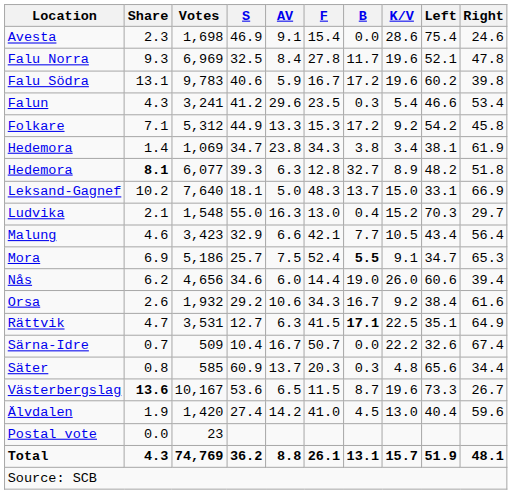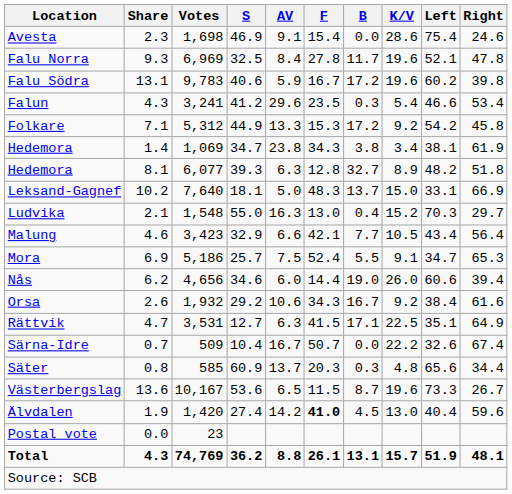 <table class="wikitable sortable" style=text-align:right>
 <tr>
 <th>Location</th>
 <th>Share</th>
 <th>Votes</th>
 <th><a href='#'>S</a></th>
 <th><a href='#'>AV</a></th>
 <th><a href='#'>F</a></th>
 <th><a href='#'>B</a></th>
 <th><a href='#'>K/V</a></th>
 <th>Left</th>
 <th>Right</th>
 </tr>
 <tr>
 <td align=left><a href='#'>Avesta</a></td>
 <td>2.3</td>
 <td>1,698</td>
 <td>46.9</td>
 <td>9.1</td>
 <td>15.4</td>
 <td>0.0</td>
 <td>28.6</td>
 <td>75.4</td>
 <td>24.6</td>
 </tr>
 <tr>
 <td align=left><a href='#'>Falu Norra</a></td>
 <td>9.3</td>
 <td>6,969</td>
 <td>32.5</td>
 <td>8.4</td>
 <td>27.8</td>
 <td>11.7</td>
 <td>19.6</td>
 <td>52.1</td>
 <td>47.8</td>
 </tr>
 <tr>
 <td align=left><a href='#'>Falu Södra</a></td>
 <td>13.1</td>
 <td>9,783</td>
 <td>40.6</td>
 <td>5.9</td>
 <td>16.7</td>
 <td>17.2</td>
 <td>19.6</td>
 <td>60.2</td>
 <td>39.8</td>
 </tr>
 <tr>
 <td align=left><a href='#'>Falun</a></td>
 <td>4.3</td>
 <td>3,241</td>
 <td>41.2</td>
 <td>29.6</td>
 <td>23.5</td>
 <td>0.3</td>
 <td>5.4</td>
 <td>46.6</td>
 <td>53.4</td>
 </tr>
 <tr>
 <td align=left><a href='#'>Folkare</a></td>
 <td>7.1</td>
 <td>5,312</td>
 <td>44.9</td>
 <td>13.3</td>
 <td>15.3</td>
 <td>17.2</td>
 <td>9.2</td>
 <td>54.2</td>
 <td>45.8</td>
 </tr>
 <tr>
 <td align=left><a href='#'>Hedemora</a></td>
 <td>1.4</td>
 <td>1,069</td>
 <td>34.7</td>
 <td>23.8</td>
 <td>34.3</td>
 <td>3.8</td>
 <td>3.4</td>
 <td>38.1</td>
 <td>61.9</td>
 </tr>
 <tr>
 <td align=left><a href='#'>Hedemora</a></td>
-<td><strong>8.1</strong></td>
+<td>8.1</td>
 <td>6,077</td>
 <td>39.3</td>
 <td>6.3</td>
 <td>12.8</td>
 <td>32.7</td>
 <td>8.9</td>
 <td>48.2</td>
 <td>51.8</td>
 </tr>
 <tr>
 <td align=left><a href='#'>Leksand-Gagnef</a></td>
 <td>10.2</td>
 <td>7,640</td>
 <td>18.1</td>
 <td>5.0</td>
 <td>48.3</td>
 <td>13.7</td>
 <td>15.0</td>
 <td>33.1</td>
 <td>66.9</td>
 </tr>
 <tr>
 <td align=left><a href='#'>Ludvika</a></td>
 <td>2.1</td>
 <td>1,548</td>
 <td>55.0</td>
 <td>16.3</td>
 <td>13.0</td>
 <td>0.4</td>
 <td>15.2</td>
 <td>70.3</td>
 <td>29.7</td>
 </tr>
 <tr>
 <td align=left><a href='#'>Malung</a></td>
 <td>4.6</td>
 <td>3,423</td>
 <td>32.9</td>
 <td>6.6</td>
 <td>42.1</td>
 <td>7.7</td>
 <td>10.5</td>
 <td>43.4</td>
 <td>56.4</td>
 </tr>
 <tr>
 <td align=left><a href='#'>Mora</a></td>
 <td>6.9</td>
 <td>5,186</td>
 <td>25.7</td>
 <td>7.5</td>
 <td>52.4</td>
-<td><strong>5.5</strong></td>
+<td>5.5</td>
 <td>9.1</td>
 <td>34.7</td>
 <td>65.3</td>
 </tr>
 <tr>
 <td align=left><a href='#'>Nås</a></td>
 <td>6.2</td>
 <td>4,656</td>
 <td>34.6</td>
 <td>6.0</td>
 <td>14.4</td>
 <td>19.0</td>
 <td>26.0</td>
 <td>60.6</td>
 <td>39.4</td>
 </tr>
 <tr>
 <td align=left><a href='#'>Orsa</a></td>
 <td>2.6</td>
 <td>1,932</td>
 <td>29.2</td>
 <td>10.6</td>
 <td>34.3</td>
 <td>16.7</td>
 <td>9.2</td>
 <td>38.4</td>
 <td>61.6</td>
 </tr>
 <tr>
 <td align=left><a href='#'>Rättvik</a></td>
 <td>4.7</td>
 <td>3,531</td>
 <td>12.7</td>
 <td>6.3</td>
 <td>41.5</td>
-<td><strong>17.1</strong></td>
+<td>17.1</td>
 <td>22.5</td>
 <td>35.1</td>
 <td>64.9</td>
 </tr>
 <tr>
 <td align=left><a href='#'>Särna-Idre</a></td>
 <td>0.7</td>
 <td>509</td>
 <td>10.4</td>
 <td>16.7</td>
 <td>50.7</td>
 <td>0.0</td>
 <td>22.2</td>
 <td>32.6</td>
 <td>67.4</td>
 </tr>
 <tr>
 <td align=left><a href='#'>Säter</a></td>
 <td>0.8</td>
 <td>585</td>
 <td>60.9</td>
 <td>13.7</td>
 <td>20.3</td>
 <td>0.3</td>
 <td>4.8</td>
 <td>65.6</td>
 <td>34.4</td>
 </tr>
 <tr>
 <td align=left><a href='#'>Västerbergslag</a></td>
-<td><strong>13.6</strong></td>
+<td>13.6</td>
 <td>10,167</td>
 <td>53.6</td>
 <td>6.5</td>
 <td>11.5</td>
 <td>8.7</td>
 <td>19.6</td>
 <td>73.3</td>
 <td>26.7</td>
 </tr>
 <tr>
 <td align=left><a href='#'>Älvdalen</a></td>
 <td>1.9</td>
 <td>1,420</td>
 <td>27.4</td>
 <td>14.2</td>
-<td>41.0</td>
+<td><strong>41.0</strong></td>
 <td>4.5</td>
 <td>13.0</td>
 <td>40.4</td>
 <td>59.6</td>
 </tr>
 <tr>
 <td align=left><a href='#'>Postal vote</a></td>
 <td>0.0</td>
 <td>23</td>
 <td></td>
 <td></td>
 <td></td>
 <td></td>
 <td></td>
 <td></td>
 <td></td>
 </tr>
 <tr>
 <td align=left><strong>Total</strong></td>
 <td><strong>4.3</strong></td>
 <td><strong>74,769</strong></td>
 <td><strong>36.2</strong></td>
 <td><strong>8.8</strong></td>
 <td><strong>26.1</strong></td>
 <td><strong>13.1</strong></td>
 <td><strong>15.7</strong></td>
 <td><strong>51.9</strong></td>
 <td><strong>48.1</strong></td>
 </tr>
 <tr>
 <td align=left colspan=10>Source: SCB </td>
 </tr>
 </table>
